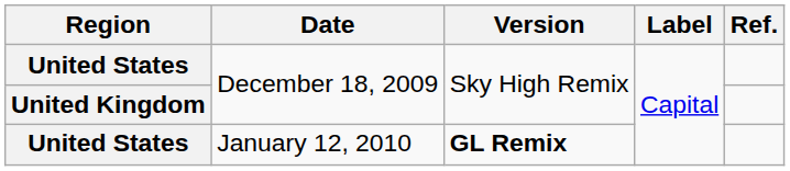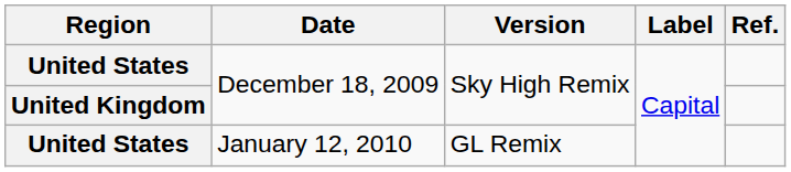 <table class="wikitable plainrowheaders">
 <tr>
 <th scope="col">Region</th>
 <th scope="col">Date</th>
 <th scope="col">Version</th>
 <th scope="col">Label</th>
 <th scope="col">Ref.</th>
 </tr>
 <tr>
 <th scope="row">United States</th>
 <td rowspan="2">December 18, 2009</td>
 <td rowspan="2">Sky High Remix</td>
 <td rowspan="3"><a href='#'>Capital</a></td>
 <td></td>
 </tr>
 <tr>
 <th scope="row">United Kingdom</th>
 <td></td>
 </tr>
 <tr>
 <th scope="row">United States</th>
 <td>January 12, 2010</td>
-<td><strong>GL Remix</strong></td>
+<td>GL Remix</td>
 <td></td>
 </tr>
 </table>
